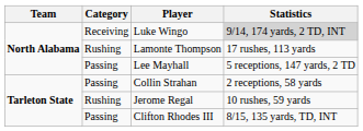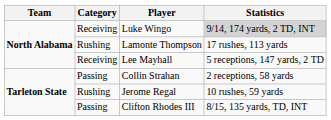 <table class="wikitable" style="float: left;">
 <tr>
 <th>Team</th>
 <th>Category</th>
 <th>Player</th>
 <th>Statistics</th>
 </tr>
 <tr>
 <td rowspan=3><strong>North Alabama</strong></td>
 <td>Receiving</td>
 <td>Luke Wingo</td>
 <td style="background: lightgrey;">9/14, 174 yards, 2 TD, INT</td>
 </tr>
 <tr>
 <td>Rushing</td>
 <td>Lamonte Thompson</td>
 <td>17 rushes, 113 yards</td>
 </tr>
 <tr>
-<td>Passing</td>
+<td>Receiving</td>
 <td>Lee Mayhall</td>
 <td>5 receptions, 147 yards, 2 TD</td>
 </tr>
 <tr>
 <td rowspan=3><strong>Tarleton State</strong></td>
 <td>Passing</td>
 <td>Collin Strahan</td>
 <td>2 receptions, 58 yards</td>
 </tr>
 <tr>
 <td>Rushing</td>
 <td>Jerome Regal</td>
 <td>10 rushes, 59 yards</td>
 </tr>
 <tr>
 <td>Passing</td>
 <td>Clifton Rhodes III</td>
 <td>8/15, 135 yards, TD, INT</td>
 </tr>
 </table>
